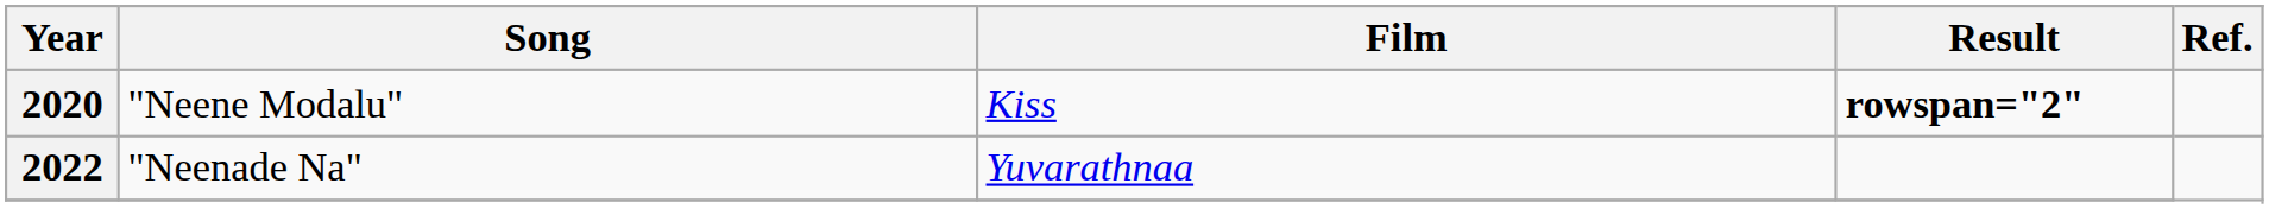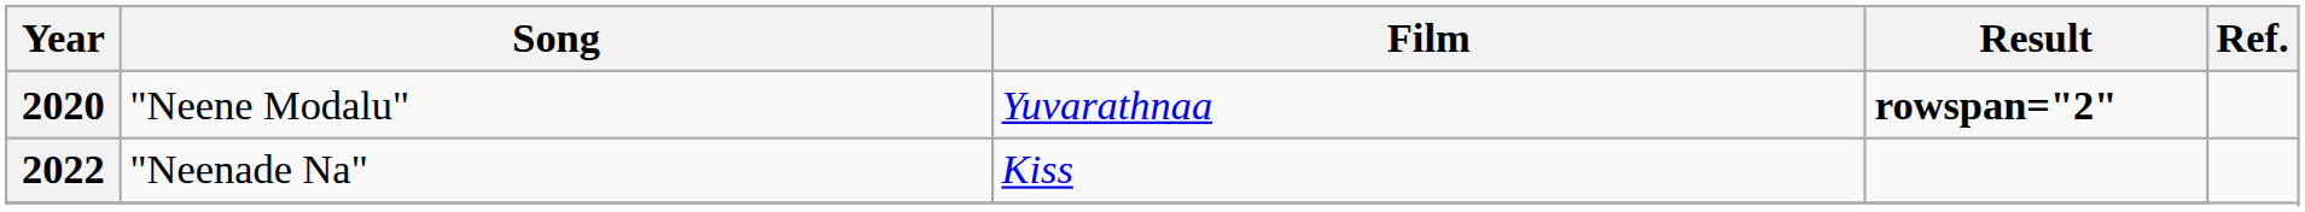 <table class="wikitable plainrowheaders" width="100%" textcolor:#000;">
 <tr>
 <th scope="col" width=5%><strong>Year</strong></th>
 <th scope="col" width=39%><strong>Song</strong></th>
 <th scope="col" width=39%><strong>Film</strong></th>
 <th scope="col" width=15%><strong>Result</strong></th>
 <th scope="col" width=2%><strong>Ref.</strong></th>
 </tr>
 <tr>
 <th scope="row">2020</th>
 <td>"Neene Modalu"</td>
-<td><a href='#'><em>Kiss</em></a></td>
+<td><em><a href='#'>Yuvarathnaa</a></em></td>
 <td><strong>rowspan="2"</strong></td>
 <td></td>
 </tr>
 <tr>
 <th scope="row">2022</th>
 <td>"Neenade Na"</td>
-<td><em><a href='#'>Yuvarathnaa</a></em></td>
+<td><a href='#'><em>Kiss</em></a></td>
 <td></td>
 </tr>
 <tr>
 </tr>
 </table>
